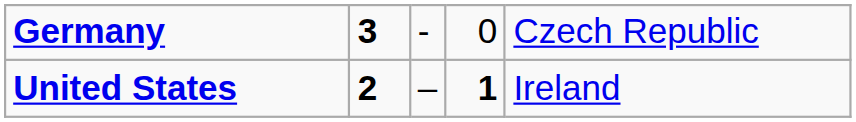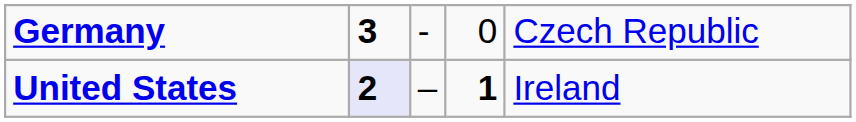 <table class="wikitable">
 <tr>
 <td width=150> <strong><a href='#'>Germany</a></strong></td>
 <td style="width:20px; text-align:left;"><strong>3</strong></td>
 <td>-</td>
 <td style="width:20px; text-align:right;">0</td>
 <td width=150> <a href='#'>Czech Republic</a></td>
 </tr>
 <tr>
 <td> <strong><a href='#'>United States</a></strong></td>
-<td style="text-align:left;"><strong>2</strong></td>
+<td style="background: lavender; text-align:left;"><strong>2</strong></td>
 <td>–</td>
 <td style="text-align:right;"><strong>1</strong></td>
 <td> <a href='#'>Ireland</a></td>
 </tr>
 </table>
